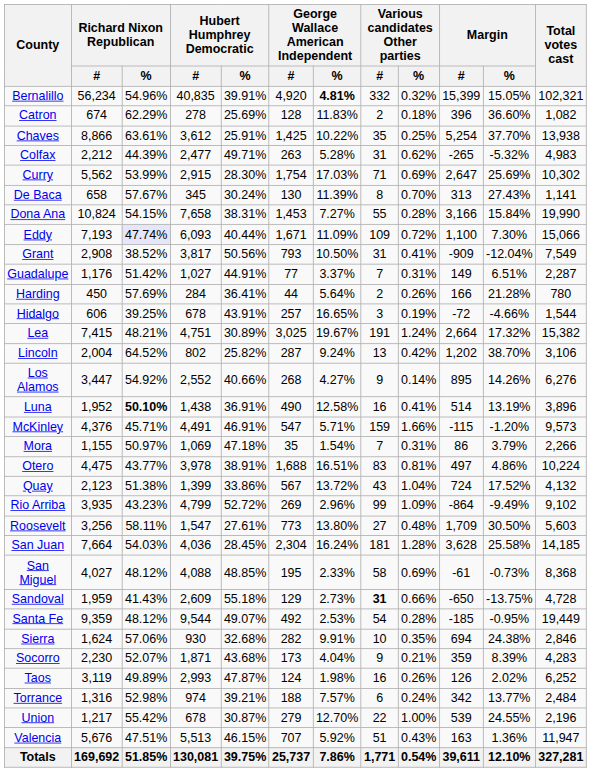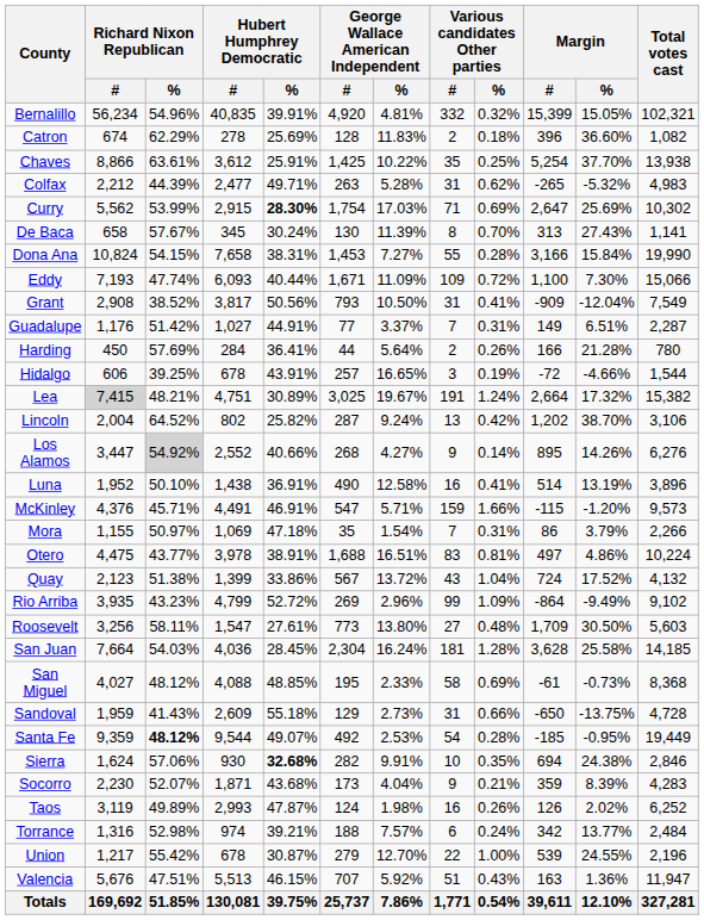 <table width="60%"  class="wikitable sortable" style="text-align:center">
 <tr>
 <th style="text-align:center;" rowspan="2">County</th>
 <th style="text-align:center;" colspan="2">Richard Nixon<br>Republican</th>
 <th style="text-align:center;" colspan="2">Hubert Humphrey<br>Democratic</th>
 <th style="text-align:center;" colspan="2">George Wallace<br>American Independent</th>
 <th style="text-align:center;" colspan="2">Various candidates<br>Other parties</th>
 <th style="text-align:center;" colspan="2">Margin</th>
 <th style="text-align:center;" rowspan="2">Total votes cast</th>
 </tr>
 <tr>
 <th style="text-align:center;" data-sort-type="number">#</th>
 <th style="text-align:center;" data-sort-type="number">%</th>
 <th style="text-align:center;" data-sort-type="number">#</th>
 <th style="text-align:center;" data-sort-type="number">%</th>
 <th style="text-align:center;" data-sort-type="number">#</th>
 <th style="text-align:center;" data-sort-type="number">%</th>
 <th style="text-align:center;" data-sort-type="number">#</th>
 <th style="text-align:center;" data-sort-type="number">%</th>
 <th style="text-align:center;" data-sort-type="number">#</th>
 <th style="text-align:center;" data-sort-type="number">%</th>
 </tr>
 <tr style="text-align:center;">
 <td><a href='#'>Bernalillo</a></td>
 <td>56,234</td>
 <td>54.96%</td>
 <td>40,835</td>
 <td>39.91%</td>
 <td>4,920</td>
-<td><strong>4.81%</strong></td>
+<td>4.81%</td>
 <td>332</td>
 <td>0.32%</td>
 <td>15,399</td>
 <td>15.05%</td>
 <td>102,321</td>
 </tr>
 <tr style="text-align:center;">
 <td><a href='#'>Catron</a></td>
 <td>674</td>
 <td>62.29%</td>
 <td>278</td>
 <td>25.69%</td>
 <td>128</td>
 <td>11.83%</td>
 <td>2</td>
 <td>0.18%</td>
 <td>396</td>
 <td>36.60%</td>
 <td>1,082</td>
 </tr>
 <tr style="text-align:center;">
 <td><a href='#'>Chaves</a></td>
 <td>8,866</td>
 <td>63.61%</td>
 <td>3,612</td>
 <td>25.91%</td>
 <td>1,425</td>
 <td>10.22%</td>
 <td>35</td>
 <td>0.25%</td>
 <td>5,254</td>
 <td>37.70%</td>
 <td>13,938</td>
 </tr>
 <tr style="text-align:center;">
 <td><a href='#'>Colfax</a></td>
 <td>2,212</td>
 <td>44.39%</td>
 <td>2,477</td>
 <td>49.71%</td>
 <td>263</td>
 <td>5.28%</td>
 <td>31</td>
 <td>0.62%</td>
 <td>-265</td>
 <td>-5.32%</td>
 <td>4,983</td>
 </tr>
 <tr style="text-align:center;">
 <td><a href='#'>Curry</a></td>
 <td>5,562</td>
 <td>53.99%</td>
 <td>2,915</td>
-<td>28.30%</td>
+<td><strong>28.30%</strong></td>
 <td>1,754</td>
 <td>17.03%</td>
 <td>71</td>
 <td>0.69%</td>
 <td>2,647</td>
 <td>25.69%</td>
 <td>10,302</td>
 </tr>
 <tr style="text-align:center;">
 <td><a href='#'>De Baca</a></td>
 <td>658</td>
 <td>57.67%</td>
 <td>345</td>
 <td>30.24%</td>
 <td>130</td>
 <td>11.39%</td>
 <td>8</td>
 <td>0.70%</td>
 <td>313</td>
 <td>27.43%</td>
 <td>1,141</td>
 </tr>
 <tr style="text-align:center;">
 <td><a href='#'>Dona Ana</a></td>
 <td>10,824</td>
 <td>54.15%</td>
 <td>7,658</td>
 <td>38.31%</td>
 <td>1,453</td>
 <td>7.27%</td>
 <td>55</td>
 <td>0.28%</td>
 <td>3,166</td>
 <td>15.84%</td>
 <td>19,990</td>
 </tr>
 <tr style="text-align:center;">
 <td><a href='#'>Eddy</a></td>
 <td>7,193</td>
-<td style="background: lavender;">47.74%</td>
+<td>47.74%</td>
 <td>6,093</td>
 <td>40.44%</td>
 <td>1,671</td>
 <td>11.09%</td>
 <td>109</td>
 <td>0.72%</td>
 <td>1,100</td>
 <td>7.30%</td>
 <td>15,066</td>
 </tr>
 <tr style="text-align:center;">
 <td><a href='#'>Grant</a></td>
 <td>2,908</td>
 <td>38.52%</td>
 <td>3,817</td>
 <td>50.56%</td>
 <td>793</td>
 <td>10.50%</td>
 <td>31</td>
 <td>0.41%</td>
 <td>-909</td>
 <td>-12.04%</td>
 <td>7,549</td>
 </tr>
 <tr style="text-align:center;">
 <td><a href='#'>Guadalupe</a></td>
 <td>1,176</td>
 <td>51.42%</td>
 <td>1,027</td>
 <td>44.91%</td>
 <td>77</td>
 <td>3.37%</td>
 <td>7</td>
 <td>0.31%</td>
 <td>149</td>
 <td>6.51%</td>
 <td>2,287</td>
 </tr>
 <tr style="text-align:center;">
 <td><a href='#'>Harding</a></td>
 <td>450</td>
 <td>57.69%</td>
 <td>284</td>
 <td>36.41%</td>
 <td>44</td>
 <td>5.64%</td>
 <td>2</td>
 <td>0.26%</td>
 <td>166</td>
 <td>21.28%</td>
 <td>780</td>
 </tr>
 <tr style="text-align:center;">
 <td><a href='#'>Hidalgo</a></td>
 <td>606</td>
 <td>39.25%</td>
 <td>678</td>
 <td>43.91%</td>
 <td>257</td>
 <td>16.65%</td>
 <td>3</td>
 <td>0.19%</td>
 <td>-72</td>
 <td>-4.66%</td>
 <td>1,544</td>
 </tr>
 <tr style="text-align:center;">
 <td><a href='#'>Lea</a></td>
-<td>7,415</td>
+<td style="background: lightgrey;">7,415</td>
 <td>48.21%</td>
 <td>4,751</td>
 <td>30.89%</td>
 <td>3,025</td>
 <td>19.67%</td>
 <td>191</td>
 <td>1.24%</td>
 <td>2,664</td>
 <td>17.32%</td>
 <td>15,382</td>
 </tr>
 <tr style="text-align:center;">
 <td><a href='#'>Lincoln</a></td>
 <td>2,004</td>
 <td>64.52%</td>
 <td>802</td>
 <td>25.82%</td>
 <td>287</td>
 <td>9.24%</td>
 <td>13</td>
 <td>0.42%</td>
 <td>1,202</td>
 <td>38.70%</td>
 <td>3,106</td>
 </tr>
 <tr style="text-align:center;">
 <td><a href='#'>Los Alamos</a></td>
 <td>3,447</td>
-<td>54.92%</td>
+<td style="background: lightgrey;">54.92%</td>
 <td>2,552</td>
 <td>40.66%</td>
 <td>268</td>
 <td>4.27%</td>
 <td>9</td>
 <td>0.14%</td>
 <td>895</td>
 <td>14.26%</td>
 <td>6,276</td>
 </tr>
 <tr style="text-align:center;">
 <td><a href='#'>Luna</a></td>
 <td>1,952</td>
-<td><strong>50.10%</strong></td>
+<td>50.10%</td>
 <td>1,438</td>
 <td>36.91%</td>
 <td>490</td>
 <td>12.58%</td>
 <td>16</td>
 <td>0.41%</td>
 <td>514</td>
 <td>13.19%</td>
 <td>3,896</td>
 </tr>
 <tr style="text-align:center;">
 <td><a href='#'>McKinley</a></td>
 <td>4,376</td>
 <td>45.71%</td>
 <td>4,491</td>
 <td>46.91%</td>
 <td>547</td>
 <td>5.71%</td>
 <td>159</td>
 <td>1.66%</td>
 <td>-115</td>
 <td>-1.20%</td>
 <td>9,573</td>
 </tr>
 <tr style="text-align:center;">
 <td><a href='#'>Mora</a></td>
 <td>1,155</td>
 <td>50.97%</td>
 <td>1,069</td>
 <td>47.18%</td>
 <td>35</td>
 <td>1.54%</td>
 <td>7</td>
 <td>0.31%</td>
 <td>86</td>
 <td>3.79%</td>
 <td>2,266</td>
 </tr>
 <tr style="text-align:center;">
 <td><a href='#'>Otero</a></td>
 <td>4,475</td>
 <td>43.77%</td>
 <td>3,978</td>
 <td>38.91%</td>
 <td>1,688</td>
 <td>16.51%</td>
 <td>83</td>
 <td>0.81%</td>
 <td>497</td>
 <td>4.86%</td>
 <td>10,224</td>
 </tr>
 <tr style="text-align:center;">
 <td><a href='#'>Quay</a></td>
 <td>2,123</td>
 <td>51.38%</td>
 <td>1,399</td>
 <td>33.86%</td>
 <td>567</td>
 <td>13.72%</td>
 <td>43</td>
 <td>1.04%</td>
 <td>724</td>
 <td>17.52%</td>
 <td>4,132</td>
 </tr>
 <tr style="text-align:center;">
 <td><a href='#'>Rio Arriba</a></td>
 <td>3,935</td>
 <td>43.23%</td>
 <td>4,799</td>
 <td>52.72%</td>
 <td>269</td>
 <td>2.96%</td>
 <td>99</td>
 <td>1.09%</td>
 <td>-864</td>
 <td>-9.49%</td>
 <td>9,102</td>
 </tr>
 <tr style="text-align:center;">
 <td><a href='#'>Roosevelt</a></td>
 <td>3,256</td>
 <td>58.11%</td>
 <td>1,547</td>
 <td>27.61%</td>
 <td>773</td>
 <td>13.80%</td>
 <td>27</td>
 <td>0.48%</td>
 <td>1,709</td>
 <td>30.50%</td>
 <td>5,603</td>
 </tr>
 <tr style="text-align:center;">
 <td><a href='#'>San Juan</a></td>
 <td>7,664</td>
 <td>54.03%</td>
 <td>4,036</td>
 <td>28.45%</td>
 <td>2,304</td>
 <td>16.24%</td>
 <td>181</td>
 <td>1.28%</td>
 <td>3,628</td>
 <td>25.58%</td>
 <td>14,185</td>
 </tr>
 <tr style="text-align:center;">
 <td><a href='#'>San Miguel</a></td>
 <td>4,027</td>
 <td>48.12%</td>
 <td>4,088</td>
 <td>48.85%</td>
 <td>195</td>
 <td>2.33%</td>
 <td>58</td>
 <td>0.69%</td>
 <td>-61</td>
 <td>-0.73%</td>
 <td>8,368</td>
 </tr>
 <tr style="text-align:center;">
 <td><a href='#'>Sandoval</a></td>
 <td>1,959</td>
 <td>41.43%</td>
 <td>2,609</td>
 <td>55.18%</td>
 <td>129</td>
 <td>2.73%</td>
-<td><strong>31</strong></td>
+<td>31</td>
 <td>0.66%</td>
 <td>-650</td>
 <td>-13.75%</td>
 <td>4,728</td>
 </tr>
 <tr style="text-align:center;">
 <td><a href='#'>Santa Fe</a></td>
 <td>9,359</td>
-<td>48.12%</td>
+<td><strong>48.12%</strong></td>
 <td>9,544</td>
 <td>49.07%</td>
 <td>492</td>
 <td>2.53%</td>
 <td>54</td>
 <td>0.28%</td>
 <td>-185</td>
 <td>-0.95%</td>
 <td>19,449</td>
 </tr>
 <tr style="text-align:center;">
 <td><a href='#'>Sierra</a></td>
 <td>1,624</td>
 <td>57.06%</td>
 <td>930</td>
-<td>32.68%</td>
+<td><strong>32.68%</strong></td>
 <td>282</td>
 <td>9.91%</td>
 <td>10</td>
 <td>0.35%</td>
 <td>694</td>
 <td>24.38%</td>
 <td>2,846</td>
 </tr>
 <tr style="text-align:center;">
 <td><a href='#'>Socorro</a></td>
 <td>2,230</td>
 <td>52.07%</td>
 <td>1,871</td>
 <td>43.68%</td>
 <td>173</td>
 <td>4.04%</td>
 <td>9</td>
 <td>0.21%</td>
 <td>359</td>
 <td>8.39%</td>
 <td>4,283</td>
 </tr>
 <tr style="text-align:center;">
 <td><a href='#'>Taos</a></td>
 <td>3,119</td>
 <td>49.89%</td>
 <td>2,993</td>
 <td>47.87%</td>
 <td>124</td>
 <td>1.98%</td>
 <td>16</td>
 <td>0.26%</td>
 <td>126</td>
 <td>2.02%</td>
 <td>6,252</td>
 </tr>
 <tr style="text-align:center;">
 <td><a href='#'>Torrance</a></td>
 <td>1,316</td>
 <td>52.98%</td>
 <td>974</td>
 <td>39.21%</td>
 <td>188</td>
 <td>7.57%</td>
 <td>6</td>
 <td>0.24%</td>
 <td>342</td>
 <td>13.77%</td>
 <td>2,484</td>
 </tr>
 <tr style="text-align:center;">
 <td><a href='#'>Union</a></td>
 <td>1,217</td>
 <td>55.42%</td>
 <td>678</td>
 <td>30.87%</td>
 <td>279</td>
 <td>12.70%</td>
 <td>22</td>
 <td>1.00%</td>
 <td>539</td>
 <td>24.55%</td>
 <td>2,196</td>
 </tr>
 <tr style="text-align:center;">
 <td><a href='#'>Valencia</a></td>
 <td>5,676</td>
 <td>47.51%</td>
 <td>5,513</td>
 <td>46.15%</td>
 <td>707</td>
 <td>5.92%</td>
 <td>51</td>
 <td>0.43%</td>
 <td>163</td>
 <td>1.36%</td>
 <td>11,947</td>
 </tr>
 <tr>
 <th>Totals</th>
 <th>169,692</th>
 <th>51.85%</th>
 <th>130,081</th>
 <th>39.75%</th>
 <th>25,737</th>
 <th>7.86%</th>
 <th>1,771</th>
 <th>0.54%</th>
 <th>39,611</th>
 <th>12.10%</th>
 <th>327,281</th>
 </tr>
 </table>
